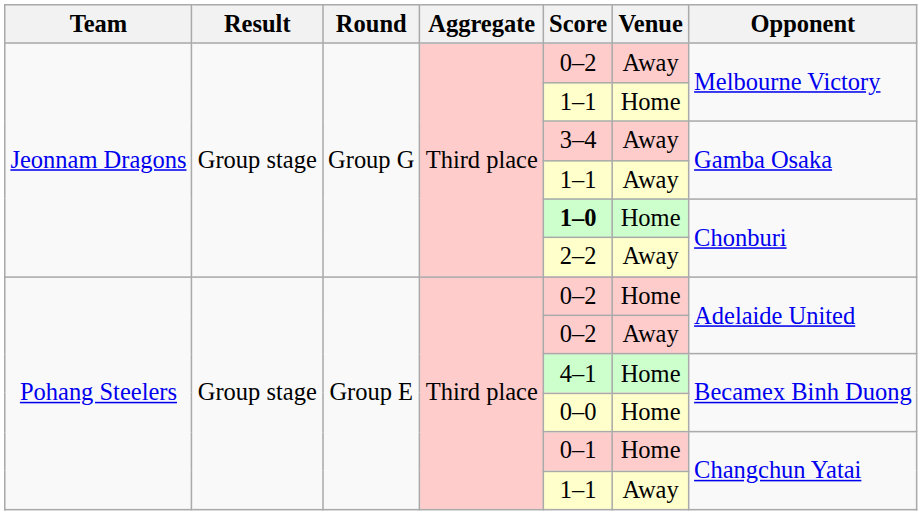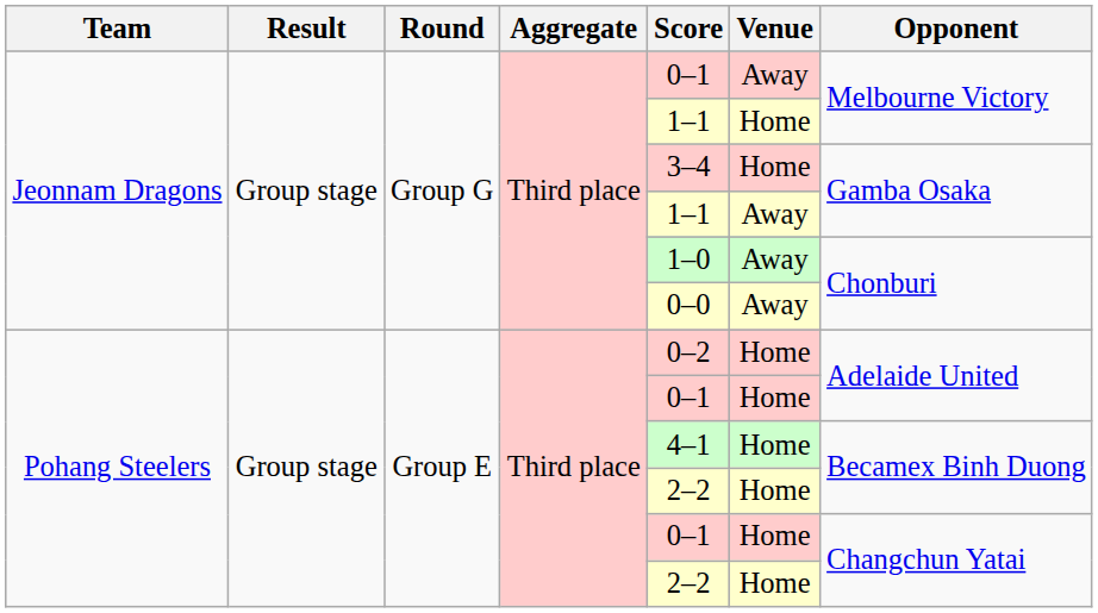 <table class="wikitable" style="text-align:center;">
 <tr>
 <th>Team</th>
 <th>Result</th>
 <th>Round</th>
 <th>Aggregate</th>
 <th>Score</th>
 <th>Venue</th>
 <th>Opponent</th>
 </tr>
 <tr>
 <td rowspan="6"><a href='#'>Jeonnam Dragons</a></td>
 <td rowspan="6">Group stage</td>
 <td rowspan="6">Group G</td>
 <td rowspan="6" bgcolor="#fcc">Third place</td>
-<td bgcolor="#fcc">0–2</td>
+<td bgcolor="#fcc">0–1</td>
 <td bgcolor="#fcc">Away</td>
 <td rowspan="2" align="left"> <a href='#'>Melbourne Victory</a></td>
 </tr>
 <tr>
 <td bgcolor="#ffc">1–1</td>
 <td bgcolor="#ffc">Home</td>
 </tr>
 <tr>
 <td bgcolor="#fcc">3–4</td>
-<td bgcolor="#fcc">Away</td>
+<td bgcolor="#fcc">Home</td>
 <td rowspan="2" align="left"> <a href='#'>Gamba Osaka</a></td>
 </tr>
 <tr>
 <td bgcolor="#ffc">1–1</td>
 <td bgcolor="#ffc">Away</td>
 </tr>
 <tr>
-<td bgcolor="#cfc"><strong>1–0</strong></td>
-<td bgcolor="#cfc">Home</td>
+<td bgcolor="#cfc">1–0</td>
+<td bgcolor="#cfc">Away</td>
 <td rowspan="2" align="left"> <a href='#'>Chonburi</a></td>
 </tr>
 <tr>
-<td bgcolor="#ffc">2–2</td>
+<td bgcolor="#ffc">0–0</td>
 <td bgcolor="#ffc">Away</td>
 </tr>
 <tr>
 <td rowspan="6"><a href='#'>Pohang Steelers</a></td>
 <td rowspan="6">Group stage</td>
 <td rowspan="6">Group E</td>
 <td rowspan="6" bgcolor="#fcc">Third place</td>
 <td bgcolor="#fcc">0–2</td>
 <td bgcolor="#fcc">Home</td>
 <td rowspan="2" align="left"> <a href='#'>Adelaide United</a></td>
 </tr>
 <tr>
-<td bgcolor="#fcc">0–2</td>
-<td bgcolor="#fcc">Away</td>
+<td bgcolor="#fcc">0–1</td>
+<td bgcolor="#fcc">Home</td>
 </tr>
 <tr>
 <td bgcolor="#cfc">4–1</td>
 <td bgcolor="#cfc">Home</td>
 <td rowspan="2" align="left"> <a href='#'>Becamex Binh Duong</a></td>
 </tr>
 <tr>
-<td bgcolor="#ffc">0–0</td>
+<td bgcolor="#ffc">2–2</td>
 <td bgcolor="#ffc">Home</td>
 </tr>
 <tr>
 <td bgcolor="#fcc">0–1</td>
 <td bgcolor="#fcc">Home</td>
 <td rowspan="2" align="left"> <a href='#'>Changchun Yatai</a></td>
 </tr>
 <tr>
-<td bgcolor="#ffc">1–1</td>
-<td bgcolor="#ffc">Away</td>
+<td bgcolor="#ffc">2–2</td>
+<td bgcolor="#ffc">Home</td>
 </tr>
 </table>
